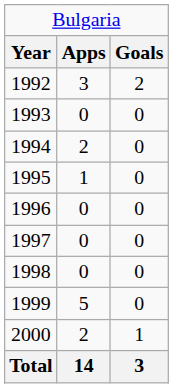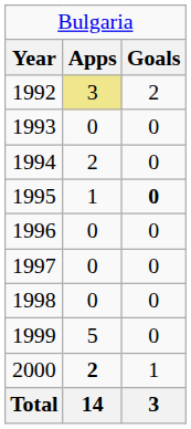 <table class="wikitable" style="text-align:center">
 <tr>
 <td colspan=3><a href='#'>Bulgaria</a></td>
 </tr>
 <tr>
 <th>Year</th>
 <th>Apps</th>
 <th>Goals</th>
 </tr>
 <tr>
 <td>1992</td>
-<td>3</td>
+<td style="background: khaki;">3</td>
 <td>2</td>
 </tr>
 <tr>
 <td>1993</td>
 <td>0</td>
 <td>0</td>
 </tr>
 <tr>
 <td>1994</td>
 <td>2</td>
 <td>0</td>
 </tr>
 <tr>
 <td>1995</td>
 <td>1</td>
-<td>0</td>
+<td><strong>0</strong></td>
 </tr>
 <tr>
 <td>1996</td>
 <td>0</td>
 <td>0</td>
 </tr>
 <tr>
 <td>1997</td>
 <td>0</td>
 <td>0</td>
 </tr>
 <tr>
 <td>1998</td>
 <td>0</td>
 <td>0</td>
 </tr>
 <tr>
 <td>1999</td>
 <td>5</td>
 <td>0</td>
 </tr>
 <tr>
 <td>2000</td>
-<td>2</td>
+<td><strong>2</strong></td>
 <td>1</td>
 </tr>
 <tr>
 <th>Total</th>
 <th>14</th>
 <th>3</th>
 </tr>
 </table>
